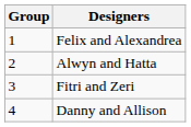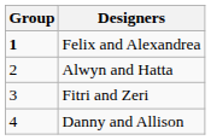 <table class="wikitable">
 <tr>
 <th>Group</th>
 <th>Designers</th>
 </tr>
 <tr>
-<td>1</td>
+<td><strong>1</strong></td>
 <td>Felix and Alexandrea</td>
 </tr>
 <tr>
 <td>2</td>
 <td>Alwyn and Hatta</td>
 </tr>
 <tr>
 <td>3</td>
 <td>Fitri and Zeri</td>
 </tr>
 <tr>
 <td>4</td>
 <td>Danny and Allison</td>
 </tr>
 </table>
